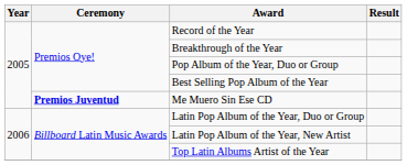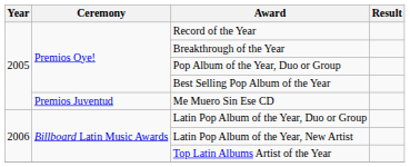 <table class="wikitable">
 <tr>
 <th align="left">Year</th>
 <th align="left">Ceremony</th>
 <th align="left">Award</th>
 <th align="left">Result</th>
 </tr>
 <tr>
 <td rowspan="5">2005</td>
 <td rowspan="4"><a href='#'>Premios Oye!</a></td>
 <td align="left">Record of the Year</td>
 <td></td>
 </tr>
 <tr>
 <td align="left">Breakthrough of the Year</td>
 <td></td>
 </tr>
 <tr>
 <td align="left">Pop Album of the Year, Duo or Group</td>
 <td></td>
 </tr>
 <tr>
 <td align="left">Best Selling Pop Album of the Year</td>
 <td></td>
 </tr>
 <tr>
-<td align="left"><strong><a href='#'>Premios Juventud</a></strong></td>
+<td align="left"><a href='#'>Premios Juventud</a></td>
 <td align="left">Me Muero Sin Ese CD</td>
 <td></td>
 </tr>
 <tr>
 <td rowspan="3">2006</td>
 <td rowspan="3"><a href='#'><em>Billboard</em> Latin Music Awards</a></td>
 <td align="left">Latin Pop Album of the Year, Duo or Group</td>
 <td></td>
 </tr>
 <tr>
 <td align="left">Latin Pop Album of the Year, New Artist</td>
 <td></td>
 </tr>
 <tr>
 <td align="left"><a href='#'>Top Latin Albums</a> Artist of the Year</td>
 <td></td>
 </tr>
 <tr>
 </tr>
 </table>
